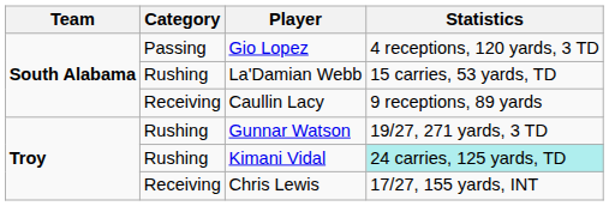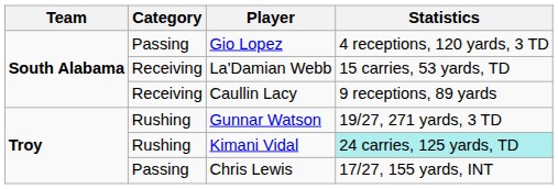 <table class="wikitable" style="float: right;">
 <tr>
 <th>Team</th>
 <th>Category</th>
 <th>Player</th>
 <th>Statistics</th>
 </tr>
 <tr>
 <td rowspan=3><strong>South Alabama</strong></td>
 <td>Passing</td>
 <td><a href='#'>Gio Lopez</a></td>
 <td>4 receptions, 120 yards, 3 TD</td>
 </tr>
 <tr>
-<td>Rushing</td>
+<td>Receiving</td>
 <td>La'Damian Webb</td>
 <td>15 carries, 53 yards, TD</td>
 </tr>
 <tr>
 <td>Receiving</td>
 <td>Caullin Lacy</td>
 <td>9 receptions, 89 yards</td>
 </tr>
 <tr>
 <td rowspan=3><strong>Troy</strong></td>
 <td>Rushing</td>
 <td><a href='#'>Gunnar Watson</a></td>
 <td>19/27, 271 yards, 3 TD</td>
 </tr>
 <tr>
 <td>Rushing</td>
 <td><a href='#'>Kimani Vidal</a></td>
 <td style="background: paleturquoise;">24 carries, 125 yards, TD</td>
 </tr>
 <tr>
-<td>Receiving</td>
+<td>Passing</td>
 <td>Chris Lewis</td>
 <td>17/27, 155 yards, INT</td>
 </tr>
 </table>
